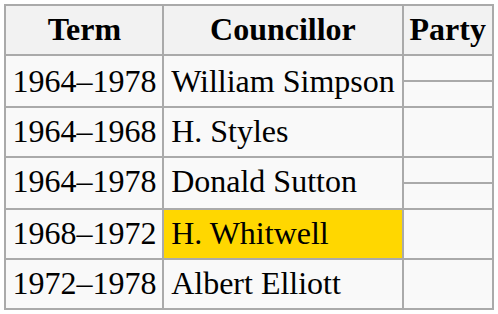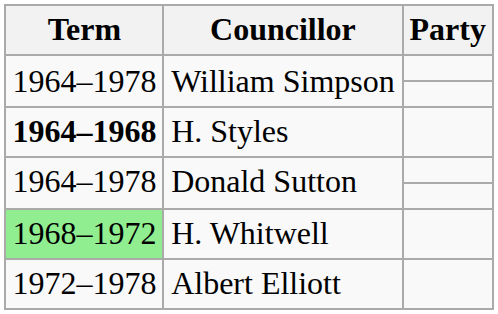 <table class="wikitable">
 <tr>
 <th>Term</th>
 <th>Councillor</th>
 <th colspan=2>Party</th>
 </tr>
 <tr>
 <td rowspan=2>1964–1978</td>
 <td rowspan=2>William Simpson</td>
 <td></td>
 </tr>
 <tr>
 <td></td>
 </tr>
 <tr>
-<td>1964–1968</td>
+<td><strong>1964–1968</strong></td>
 <td>H. Styles</td>
 <td></td>
 </tr>
 <tr>
 <td rowspan=2>1964–1978</td>
 <td rowspan=2>Donald Sutton</td>
 <td></td>
 </tr>
 <tr>
 <td></td>
 </tr>
 <tr>
-<td>1968–1972</td>
-<td style="background: gold;">H. Whitwell</td>
+<td style="background: lightgreen;">1968–1972</td>
+<td>H. Whitwell</td>
 <td></td>
 </tr>
 <tr>
 <td>1972–1978</td>
 <td>Albert Elliott</td>
 <td></td>
 </tr>
 </table>
